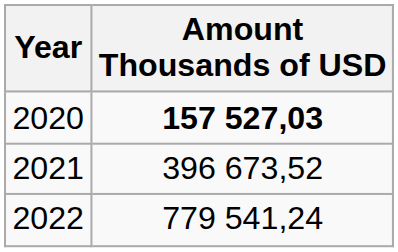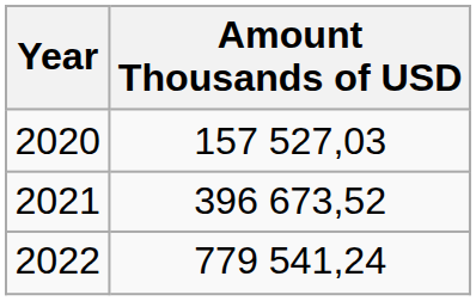 <table class="wikitable" style="text-align:center;">
 <tr>
 <th>Year</th>
 <th>Amount<br>Thousands of USD</th>
 </tr>
 <tr>
 <td>2020</td>
-<td><strong>157 527,03</strong></td>
+<td>157 527,03</td>
 </tr>
 <tr>
 <td>2021</td>
 <td>396 673,52 </td>
 </tr>
 <tr>
 <td>2022</td>
 <td>779 541,24 </td>
 </tr>
 </table>
